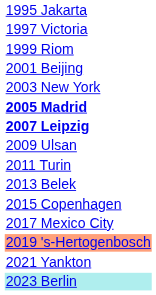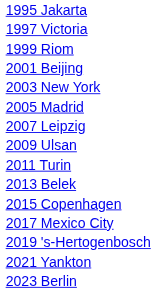 <table>
 <tr>
 <td> <a href='#'>1995 Jakarta</a></td>
 <td></td>
 <td></td>
 <td></td>
 </tr>
 <tr>
 <td> <a href='#'>1997 Victoria</a></td>
 <td></td>
 <td></td>
 <td></td>
 </tr>
 <tr>
 <td> <a href='#'>1999 Riom</a></td>
 <td></td>
 <td></td>
 <td></td>
 </tr>
 <tr>
 <td> <a href='#'>2001 Beijing</a></td>
 <td></td>
 <td></td>
 <td></td>
 </tr>
 <tr>
 <td> <a href='#'>2003 New York</a></td>
 <td></td>
 <td></td>
 <td></td>
 </tr>
 <tr>
-<td><strong> <a href='#'>2005 Madrid</a></strong></td>
+<td> <a href='#'>2005 Madrid</a></td>
 <td></td>
 <td></td>
 <td></td>
 </tr>
 <tr>
-<td><strong> <a href='#'>2007 Leipzig</a></strong></td>
+<td> <a href='#'>2007 Leipzig</a></td>
 <td></td>
 <td></td>
 <td></td>
 </tr>
 <tr>
 <td> <a href='#'>2009 Ulsan</a></td>
 <td></td>
 <td></td>
 <td></td>
 </tr>
 <tr>
 <td> <a href='#'>2011 Turin</a></td>
 <td></td>
 <td></td>
 <td></td>
 </tr>
 <tr>
 <td> <a href='#'>2013 Belek</a></td>
 <td></td>
 <td></td>
 <td></td>
 </tr>
 <tr>
 <td> <a href='#'>2015 Copenhagen</a></td>
 <td></td>
 <td></td>
 <td></td>
 </tr>
 <tr>
 <td> <a href='#'>2017 Mexico City</a></td>
 <td></td>
 <td></td>
 <td></td>
 </tr>
 <tr>
-<td style="background: lightsalmon;"> <a href='#'>2019 's-Hertogenbosch</a></td>
+<td> <a href='#'>2019 's-Hertogenbosch</a></td>
 <td></td>
 <td></td>
 <td></td>
 </tr>
 <tr>
 <td> <a href='#'>2021 Yankton</a></td>
 <td></td>
 <td></td>
 <td></td>
 </tr>
 <tr>
-<td style="background: paleturquoise;"> <a href='#'>2023 Berlin</a></td>
+<td> <a href='#'>2023 Berlin</a></td>
 <td></td>
 <td></td>
 <td></td>
 </tr>
 </table>
